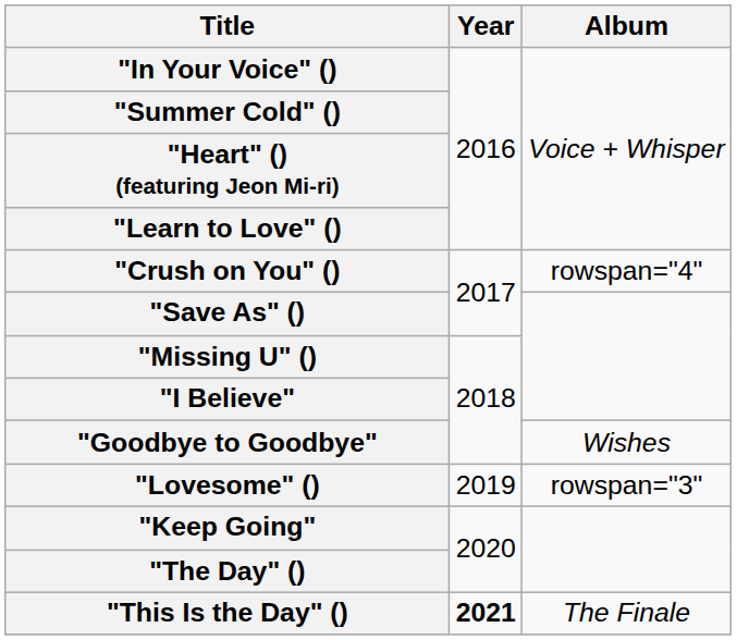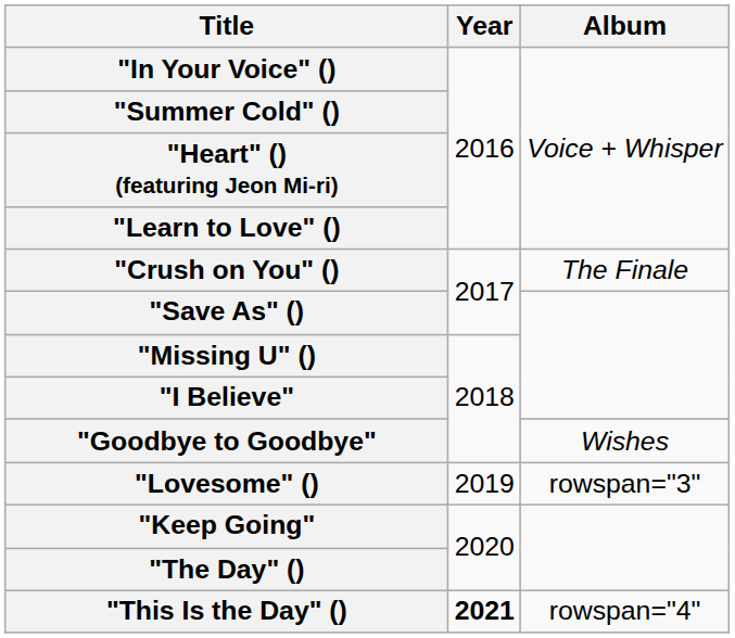 <table class="wikitable plainrowheaders" style="text-align:center;">
 <tr>
 <th scope="col" style="width:16em;">Title</th>
 <th scope="col">Year</th>
 <th scope="col">Album</th>
 </tr>
 <tr>
 <th scope="row">"In Your Voice" ()</th>
 <td rowspan="4">2016</td>
 <td rowspan="4"><em>Voice + Whisper</em></td>
 </tr>
 <tr>
 <th scope="row">"Summer Cold" ()</th>
 </tr>
 <tr>
 <th scope="row">"Heart" ()<br><small>(featuring Jeon Mi-ri)</small></th>
 </tr>
 <tr>
 <th scope="row">"Learn to Love" ()</th>
 </tr>
 <tr>
 <th scope="row">"Crush on You" ()</th>
 <td rowspan="2">2017</td>
-<td>rowspan="4" </td>
+<td><em>The Finale</em></td>
 </tr>
 <tr>
 <th scope="row">"Save As" ()</th>
 </tr>
 <tr>
 <th scope="row">"Missing U" ()</th>
 <td rowspan="3">2018</td>
 </tr>
 <tr>
 <th scope="row">"I Believe"</th>
 </tr>
 <tr>
 <th scope="row">"Goodbye to Goodbye"</th>
 <td><em>Wishes</em></td>
 </tr>
 <tr>
 <th scope="row">"Lovesome" ()<br></th>
 <td>2019</td>
 <td>rowspan="3" </td>
 </tr>
 <tr>
 <th scope="row">"Keep Going"</th>
 <td rowspan="2">2020</td>
 </tr>
 <tr>
 <th scope="row">"The Day" ()</th>
 </tr>
 <tr>
 <th scope="row">"This Is the Day" ()</th>
 <td><strong>2021</strong></td>
-<td><em>The Finale</em></td>
+<td>rowspan="4" </td>
 </tr>
 </table>
